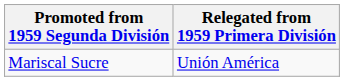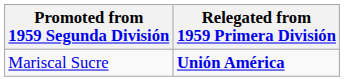 <table class="wikitable">
 <tr>
 <th>Promoted from<br><a href='#'>1959 Segunda División</a></th>
 <th>Relegated from<br><a href='#'>1959 Primera División</a></th>
 </tr>
 <tr>
 <td> <a href='#'>Mariscal Sucre</a> </td>
-<td> <a href='#'>Unión América</a> </td>
+<td><strong> <a href='#'>Unión América</a> </strong></td>
 </tr>
 </table>
